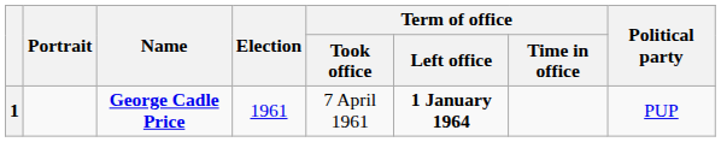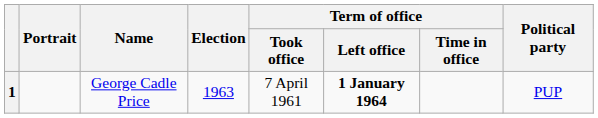 <table class=wikitable style=text-align:center>
 <tr>
 <th rowspan=2></th>
 <th rowspan=2>Portrait</th>
 <th rowspan=2>Name<br></th>
 <th rowspan=2>Election</th>
 <th colspan=3>Term of office</th>
 <th rowspan=2>Political party</th>
 </tr>
 <tr>
 <th>Took office</th>
 <th>Left office</th>
 <th>Time in office</th>
 </tr>
 <tr>
 <th style="background:">1</th>
 <td></td>
-<td><strong><a href='#'>George Cadle Price</a><br></strong></td>
-<td><a href='#'>1961</a></td>
+<td><a href='#'>George Cadle Price</a><br></td>
+<td><a href='#'>1963</a></td>
 <td>7 April 1961</td>
 <td><strong>1 January 1964</strong></td>
 <td></td>
 <td><a href='#'>PUP</a></td>
 </tr>
 </table>
